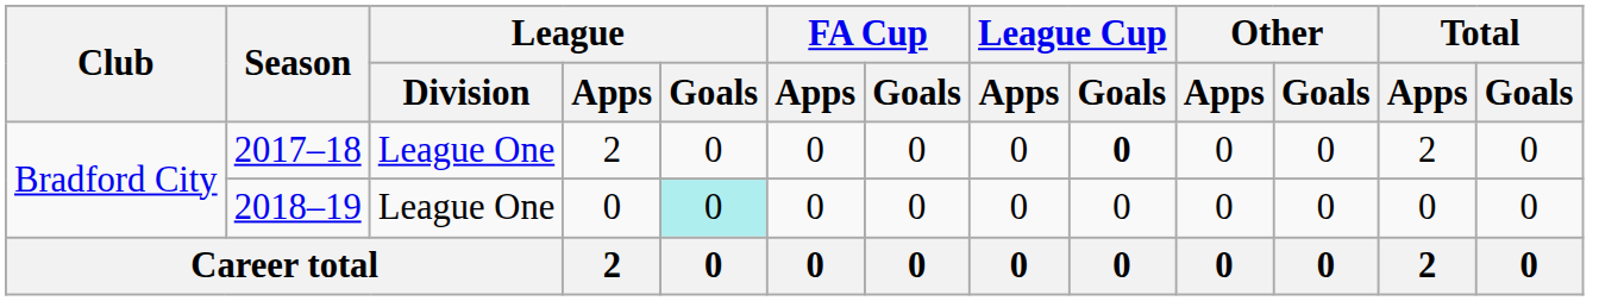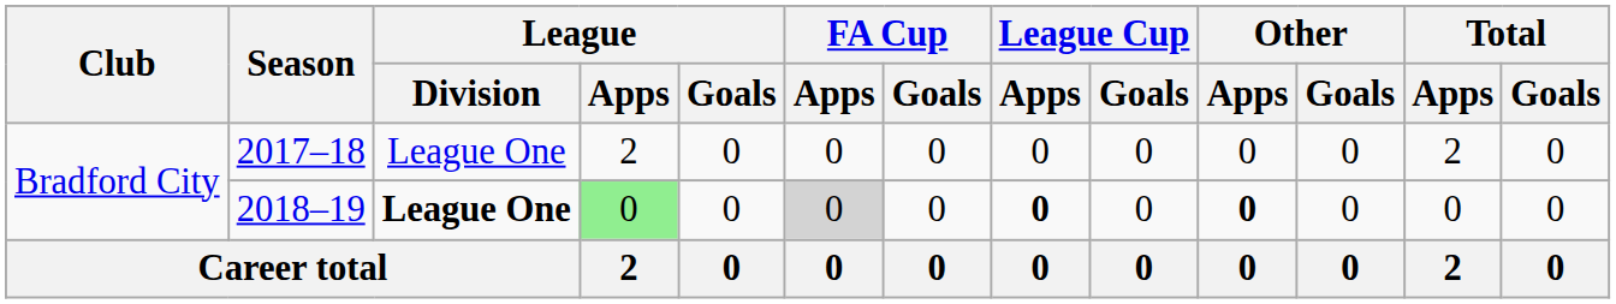 <table class=wikitable style="text-align: center">
 <tr>
 <th rowspan=2>Club</th>
 <th rowspan=2>Season</th>
 <th colspan=3>League</th>
 <th colspan=2><a href='#'>FA Cup</a></th>
 <th colspan=2><a href='#'>League Cup</a></th>
 <th colspan=2>Other</th>
 <th colspan=2>Total</th>
 </tr>
 <tr>
 <th>Division</th>
 <th>Apps</th>
 <th>Goals</th>
 <th>Apps</th>
 <th>Goals</th>
 <th>Apps</th>
 <th>Goals</th>
 <th>Apps</th>
 <th>Goals</th>
 <th>Apps</th>
 <th>Goals</th>
 </tr>
 <tr>
 <td rowspan=2><a href='#'>Bradford City</a></td>
 <td><a href='#'>2017–18</a></td>
 <td><a href='#'>League One</a></td>
 <td>2</td>
 <td>0</td>
 <td>0</td>
 <td>0</td>
 <td>0</td>
-<td><strong>0</strong></td>
+<td>0</td>
 <td>0</td>
 <td>0</td>
 <td>2</td>
 <td>0</td>
 </tr>
 <tr>
 <td><a href='#'>2018–19</a></td>
-<td>League One</td>
+<td><strong>League One</strong></td>
+<td style="background: lightgreen;">0</td>
 <td>0</td>
-<td style="background: paleturquoise;">0</td>
+<td style="background: lightgrey;">0</td>
 <td>0</td>
+<td><strong>0</strong></td>
 <td>0</td>
-<td>0</td>
-<td>0</td>
-<td>0</td>
+<td><strong>0</strong></td>
 <td>0</td>
 <td>0</td>
 <td>0</td>
 </tr>
 <tr>
 <th colspan=3>Career total</th>
 <th>2</th>
 <th>0</th>
 <th>0</th>
 <th>0</th>
 <th>0</th>
 <th>0</th>
 <th>0</th>
 <th>0</th>
 <th>2</th>
 <th>0</th>
 </tr>
 </table>
